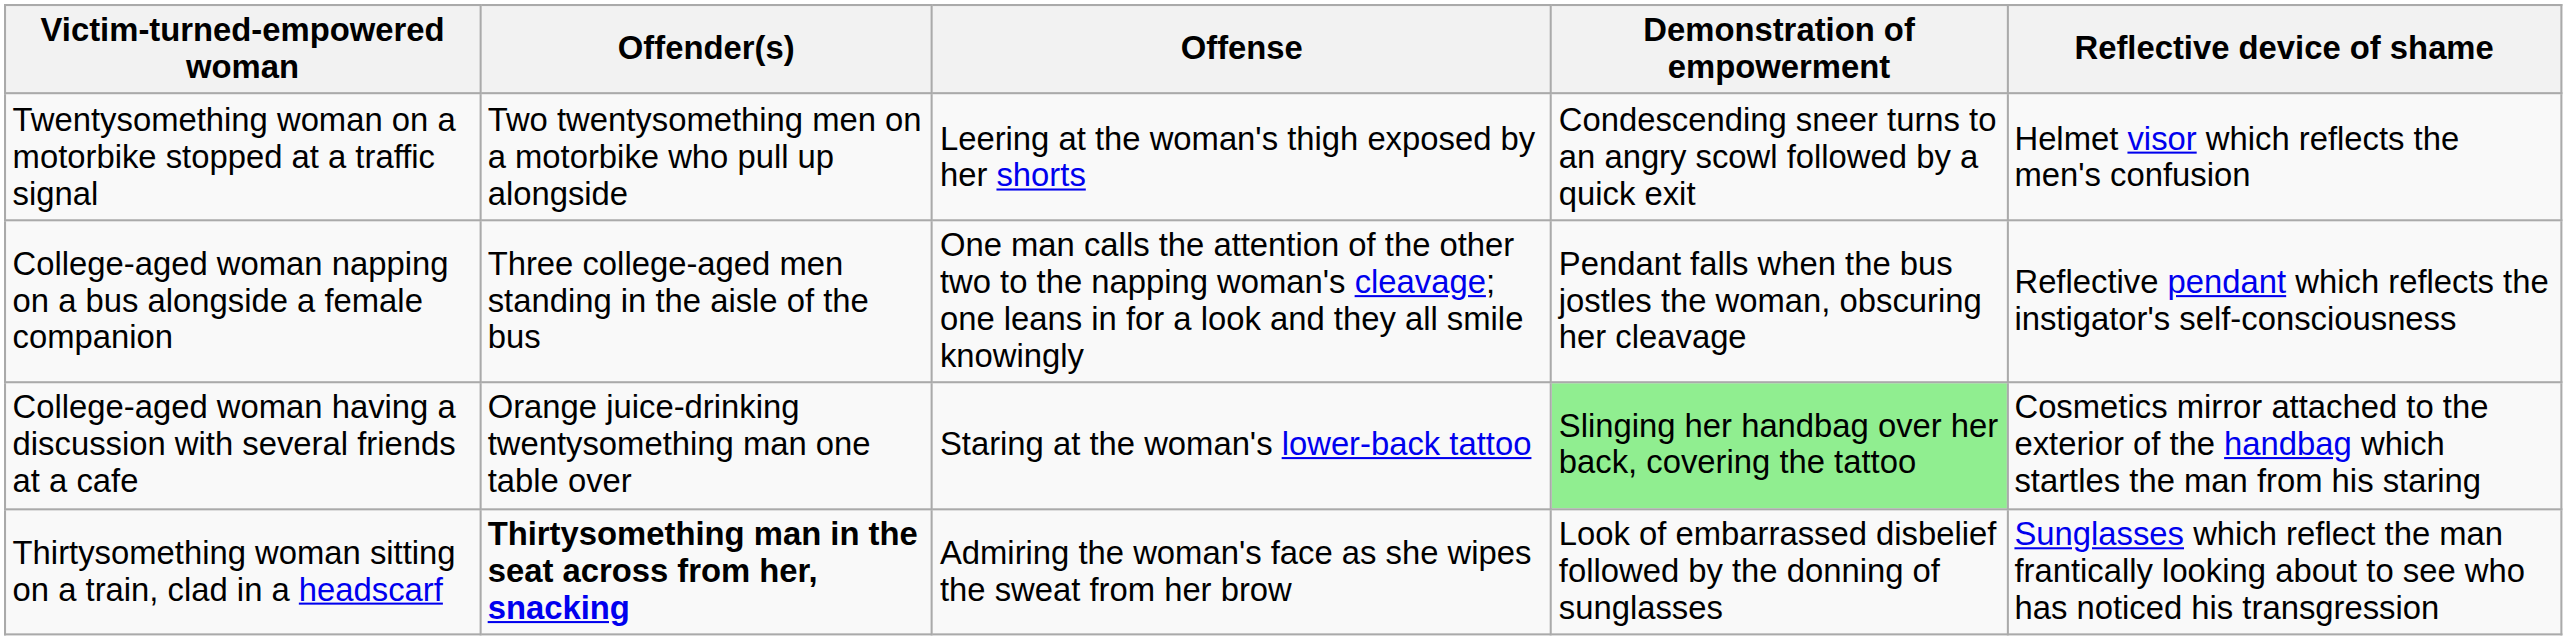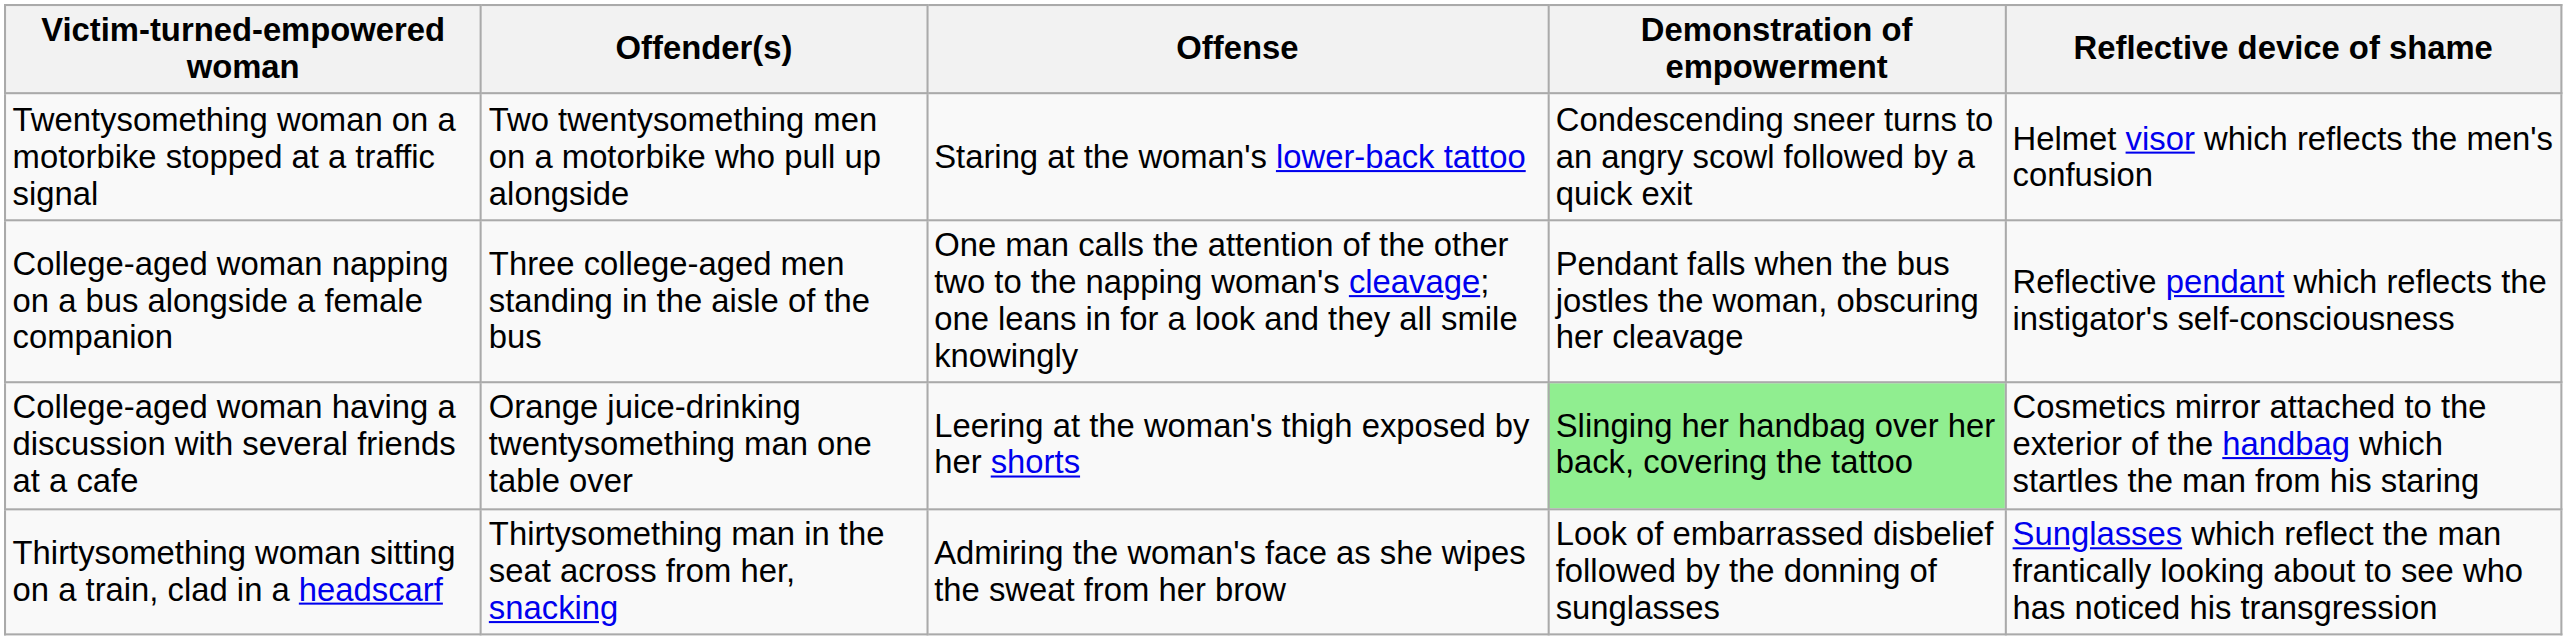 <table class="wikitable">
 <tr>
 <th>Victim-turned-empowered woman</th>
 <th>Offender(s)</th>
 <th>Offense</th>
 <th>Demonstration of empowerment</th>
 <th>Reflective device of shame</th>
 </tr>
 <tr>
 <td>Twentysomething woman on a motorbike stopped at a traffic signal</td>
 <td>Two twentysomething men on a motorbike who pull up alongside</td>
-<td>Leering at the woman's thigh exposed by her <a href='#'>shorts</a></td>
+<td>Staring at the woman's <a href='#'>lower-back tattoo</a></td>
 <td>Condescending sneer turns to an angry scowl followed by a quick exit</td>
 <td>Helmet <a href='#'>visor</a> which reflects the men's confusion</td>
 </tr>
 <tr>
 <td>College-aged woman napping on a bus alongside a female companion</td>
 <td>Three college-aged men standing in the aisle of the bus</td>
 <td>One man calls the attention of the other two to the napping woman's <a href='#'>cleavage</a>; one leans in for a look and they all smile knowingly</td>
 <td>Pendant falls when the bus jostles the woman, obscuring her cleavage</td>
 <td>Reflective <a href='#'>pendant</a> which reflects the instigator's self-consciousness</td>
 </tr>
 <tr>
 <td>College-aged woman having a discussion with several friends at a cafe</td>
 <td>Orange juice-drinking twentysomething man one table over</td>
-<td>Staring at the woman's <a href='#'>lower-back tattoo</a></td>
+<td>Leering at the woman's thigh exposed by her <a href='#'>shorts</a></td>
 <td style="background: lightgreen;">Slinging her handbag over her back, covering the tattoo</td>
 <td>Cosmetics mirror attached to the exterior of the <a href='#'>handbag</a> which startles the man from his staring</td>
 </tr>
 <tr>
 <td>Thirtysomething woman sitting on a train, clad in a <a href='#'>headscarf</a></td>
-<td><strong>Thirtysomething man in the seat across from her, <a href='#'>snacking</a></strong></td>
+<td>Thirtysomething man in the seat across from her, <a href='#'>snacking</a></td>
 <td>Admiring the woman's face as she wipes the sweat from her brow</td>
 <td>Look of embarrassed disbelief followed by the donning of sunglasses</td>
 <td><a href='#'>Sunglasses</a> which reflect the man frantically looking about to see who has noticed his transgression</td>
 </tr>
 </table>
